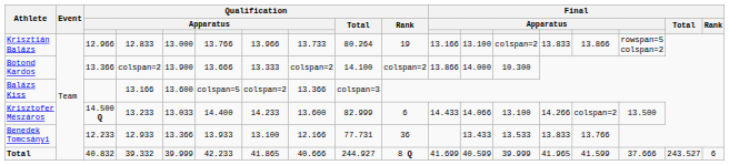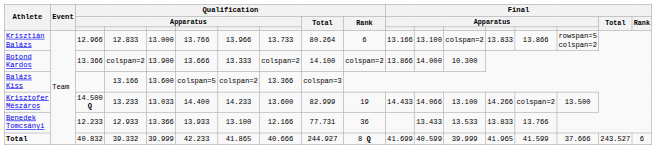 <table class="wikitable" style="font-size:90%">
 <tr>
 <th rowspan=3>Athlete</th>
 <th rowspan=3>Event</th>
 <th colspan =8>Qualification</th>
 <th colspan =8>Final</th>
 </tr>
 <tr style="font-size:95%">
 <th colspan=6>Apparatus</th>
 <th rowspan=2>Total</th>
 <th rowspan=2>Rank</th>
 <th colspan=6>Apparatus</th>
 <th rowspan=2>Total</th>
 <th rowspan=2>Rank</th>
 </tr>
 <tr style="font-size:95%">
 <th></th>
 <th></th>
 <th></th>
 <th></th>
 <th></th>
 <th></th>
 <th></th>
 <th></th>
 <th></th>
 <th></th>
 <th></th>
 <th></th>
 </tr>
 <tr align=center>
 <td align=left><a href='#'>Krisztián Balázs</a></td>
 <td align=left rowspan=6>Team</td>
 <td>12.966</td>
 <td>12.833</td>
 <td>13.000</td>
 <td>13.766</td>
 <td>13.966</td>
 <td>13.733</td>
 <td>80.264</td>
-<td>19</td>
+<td>6</td>
 <td>13.166</td>
 <td>13.100</td>
 <td>colspan=2</td>
 <td>13.833</td>
 <td>13.866</td>
 <td>rowspan=5 colspan=2</td>
 </tr>
 <tr align=center>
 <td align=left><a href='#'>Botond Kardos</a></td>
 <td>13.366</td>
 <td>colspan=2</td>
 <td>13.900</td>
 <td>13.666</td>
 <td>13.333</td>
 <td>colspan=2</td>
 <td>14.100</td>
 <td>colspan=2</td>
 <td>13.866</td>
 <td>14.000</td>
 <td>10.300</td>
 </tr>
 <tr align=center>
 <td align=left><a href='#'>Balázs Kiss</a></td>
 <td></td>
 <td>13.166</td>
 <td>13.600</td>
 <td>colspan=5</td>
 <td>colspan=2</td>
 <td>13.366</td>
 <td>colspan=3</td>
 </tr>
 <tr align=center>
 <td align=left><a href='#'>Krisztofer Mészáros</a></td>
 <td>14.500 <strong>Q</strong></td>
 <td>13.233</td>
 <td>13.033</td>
 <td>14.400</td>
 <td>14.233</td>
 <td>13.600</td>
 <td>82.999</td>
-<td>6</td>
+<td>19</td>
 <td>14.433</td>
 <td>14.066</td>
 <td>13.100</td>
 <td>14.266</td>
 <td>colspan=2</td>
 <td>13.500</td>
 </tr>
 <tr align=center>
 <td align=left><a href='#'>Benedek Tomcsányi</a></td>
 <td>12.233</td>
 <td>12.933</td>
 <td>13.366</td>
 <td>13.933</td>
 <td>13.100</td>
 <td>12.166</td>
 <td>77.731</td>
 <td>36</td>
 <td></td>
 <td>13.433</td>
 <td>13.533</td>
 <td>13.833</td>
 <td>13.766</td>
 </tr>
 <tr align=center>
 <td align=left><strong>Total</strong></td>
 <td>40.832</td>
 <td>39.332</td>
 <td>39.999</td>
 <td>42.233</td>
 <td>41.865</td>
 <td>40.666</td>
 <td>244.927</td>
 <td>8 <strong>Q</strong></td>
 <td>41.699</td>
 <td>40.599</td>
 <td>39.999</td>
 <td>41.965</td>
 <td>41.599</td>
 <td>37.666</td>
 <td>243.527</td>
 <td>6</td>
 </tr>
 </table>
